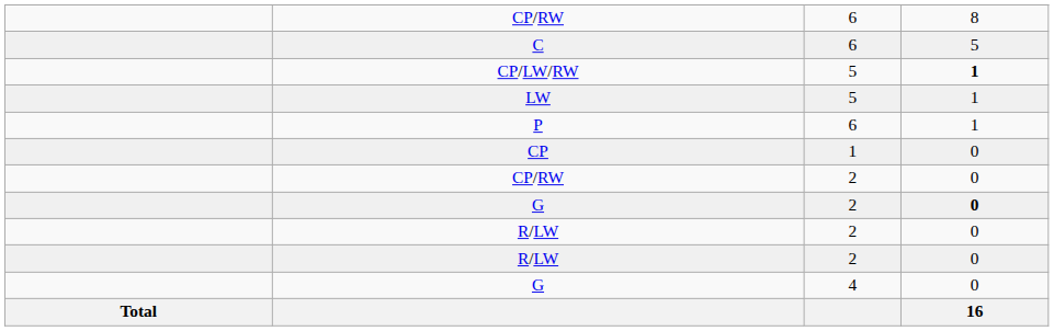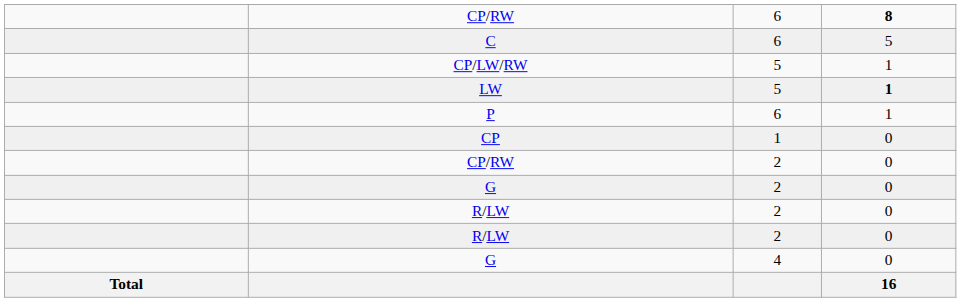 <table class="wikitable sortable" width ="50%">
 <tr align="center">
 </tr>
 <tr align="center" bgcolor="">
 <td></td>
 <td><a href='#'>CP</a>/<a href='#'>RW</a></td>
 <td>6</td>
-<td>8</td>
+<td><strong>8</strong></td>
 </tr>
 <tr align="center" bgcolor="f0f0f0">
 <td></td>
 <td><a href='#'>C</a></td>
 <td>6</td>
 <td>5</td>
 </tr>
 <tr align="center" bgcolor="">
 <td></td>
 <td><a href='#'>CP</a>/<a href='#'>LW</a>/<a href='#'>RW</a></td>
 <td>5</td>
-<td><strong>1</strong></td>
+<td>1</td>
 </tr>
 <tr align="center" bgcolor="f0f0f0">
 <td></td>
 <td><a href='#'>LW</a></td>
 <td>5</td>
-<td>1</td>
+<td><strong>1</strong></td>
 </tr>
 <tr align="center" bgcolor="">
 <td></td>
 <td><a href='#'>P</a></td>
 <td>6</td>
 <td>1</td>
 </tr>
 <tr align="center" bgcolor="f0f0f0">
 <td></td>
 <td><a href='#'>CP</a></td>
 <td>1</td>
 <td>0</td>
 </tr>
 <tr align="center" bgcolor="">
 <td></td>
 <td><a href='#'>CP</a>/<a href='#'>RW</a></td>
 <td>2</td>
 <td>0</td>
 </tr>
 <tr align="center" bgcolor="f0f0f0">
 <td></td>
 <td><a href='#'>G</a></td>
 <td>2</td>
-<td><strong>0</strong></td>
+<td>0</td>
 </tr>
 <tr align="center" bgcolor="">
 <td></td>
 <td><a href='#'>R</a>/<a href='#'>LW</a></td>
 <td>2</td>
 <td>0</td>
 </tr>
 <tr align="center" bgcolor="f0f0f0">
 <td></td>
 <td><a href='#'>R</a>/<a href='#'>LW</a></td>
 <td>2</td>
 <td>0</td>
 </tr>
 <tr align="center" bgcolor="">
 <td></td>
 <td><a href='#'>G</a></td>
 <td>4</td>
 <td>0</td>
 </tr>
 <tr>
 <th>Total</th>
 <th></th>
 <th></th>
 <th>16</th>
 </tr>
 </table>
